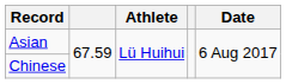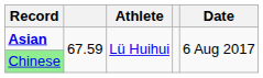 <table class="wikitable">
 <tr>
 <th>Record</th>
 <th></th>
 <th>Athlete</th>
 <th></th>
 <th>Date</th>
 </tr>
 <tr>
-<td><a href='#'>Asian</a></td>
+<td><strong><a href='#'>Asian</a></strong></td>
 <td rowspan=2>67.59</td>
 <td rowspan=2><a href='#'>Lü Huihui</a></td>
 <td rowspan=2></td>
 <td rowspan=2 align=right>6 Aug 2017</td>
 </tr>
 <tr>
-<td><a href='#'>Chinese</a></td>
+<td style="background: lightgreen;"><a href='#'>Chinese</a></td>
 </tr>
 </table>
